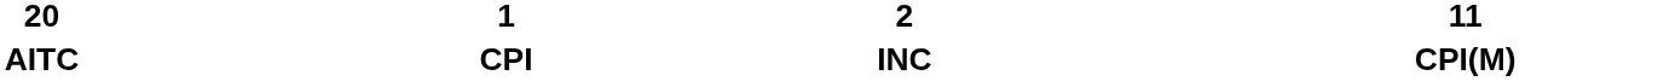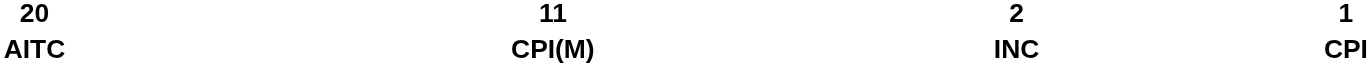 <table style="width:65%; text-align:center;">
 <tr>
 <td style="background:"><strong>20</strong></td>
+<td style="background:"><strong>11</strong></td>
+<td style="background:"><strong>2</strong></td>
 <td style="background:"><strong>1</strong></td>
-<td style="background:"><strong>2</strong></td>
-<td style="background:"><strong>11</strong></td>
 </tr>
 <tr>
 <td><span><strong>AITC</strong></span></td>
+<td><span><strong>CPI(M)</strong></span></td>
+<td><span><strong>INC</strong></span></td>
 <td><span><strong>CPI</strong></span></td>
-<td><span><strong>INC</strong></span></td>
-<td><span><strong>CPI(M)</strong></span></td>
 </tr>
 </table>
